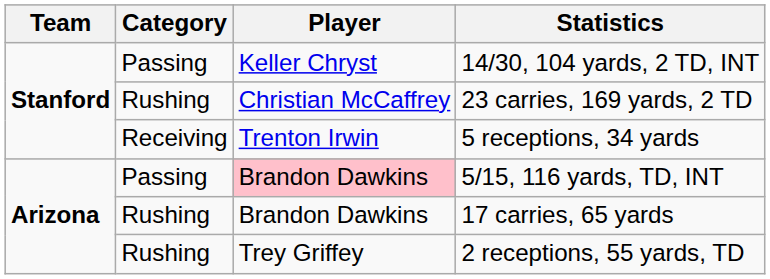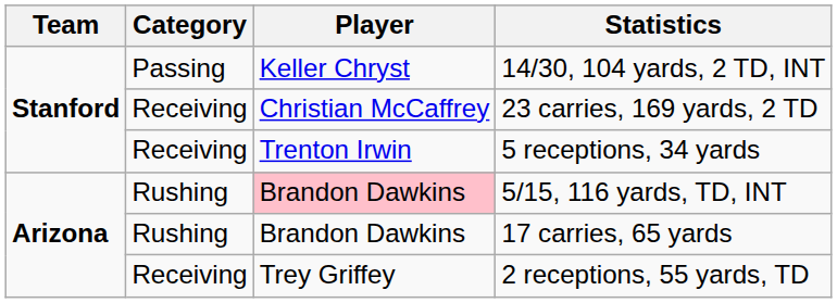 <table class="wikitable" style="float: right;">
 <tr>
 <th>Team</th>
 <th>Category</th>
 <th>Player</th>
 <th>Statistics</th>
 </tr>
 <tr>
 <td rowspan=3><strong>Stanford</strong></td>
 <td>Passing</td>
 <td><a href='#'>Keller Chryst</a></td>
 <td>14/30, 104 yards, 2 TD, INT</td>
 </tr>
 <tr>
-<td>Rushing</td>
+<td>Receiving</td>
 <td><a href='#'>Christian McCaffrey</a></td>
 <td>23 carries, 169 yards, 2 TD</td>
 </tr>
 <tr>
 <td>Receiving</td>
 <td><a href='#'>Trenton Irwin</a></td>
 <td>5 receptions, 34 yards</td>
 </tr>
 <tr>
 <td rowspan=3><strong>Arizona</strong></td>
-<td>Passing</td>
+<td>Rushing</td>
 <td style="background: pink;">Brandon Dawkins</td>
 <td>5/15, 116 yards, TD, INT</td>
 </tr>
 <tr>
 <td>Rushing</td>
 <td>Brandon Dawkins</td>
 <td>17 carries, 65 yards</td>
 </tr>
 <tr>
-<td>Rushing</td>
+<td>Receiving</td>
 <td>Trey Griffey</td>
 <td>2 receptions, 55 yards, TD</td>
 </tr>
 </table>
